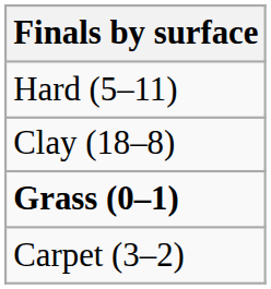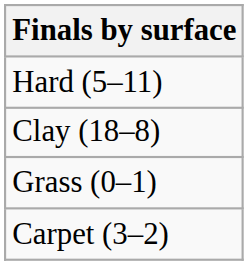 <table class=wikitable style=font-size:90%>
 <tr>
 <th>Finals by surface</th>
 </tr>
 <tr>
 <td>Hard (5–11)</td>
 </tr>
 <tr>
 <td>Clay (18–8)</td>
 </tr>
 <tr>
-<td><strong>Grass (0–1)</strong></td>
+<td>Grass (0–1)</td>
 </tr>
 <tr>
 <td>Carpet (3–2)</td>
 </tr>
 </table>
